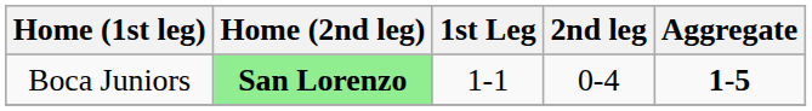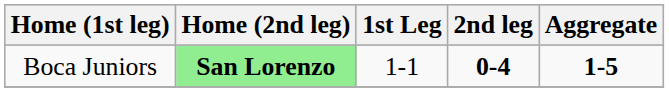 <table class="wikitable" style="text-align: center;">
 <tr>
 <th>Home (1st leg)</th>
 <th>Home (2nd leg)</th>
 <th>1st Leg</th>
 <th>2nd leg</th>
 <th>Aggregate</th>
 </tr>
 <tr>
 <td>Boca Juniors</td>
 <td bgcolor="lightgreen"><strong>San Lorenzo</strong></td>
 <td>1-1</td>
-<td>0-4</td>
+<td><strong>0-4</strong></td>
 <td><strong>1-5</strong></td>
 </tr>
 <tr>
 </tr>
 </table>
